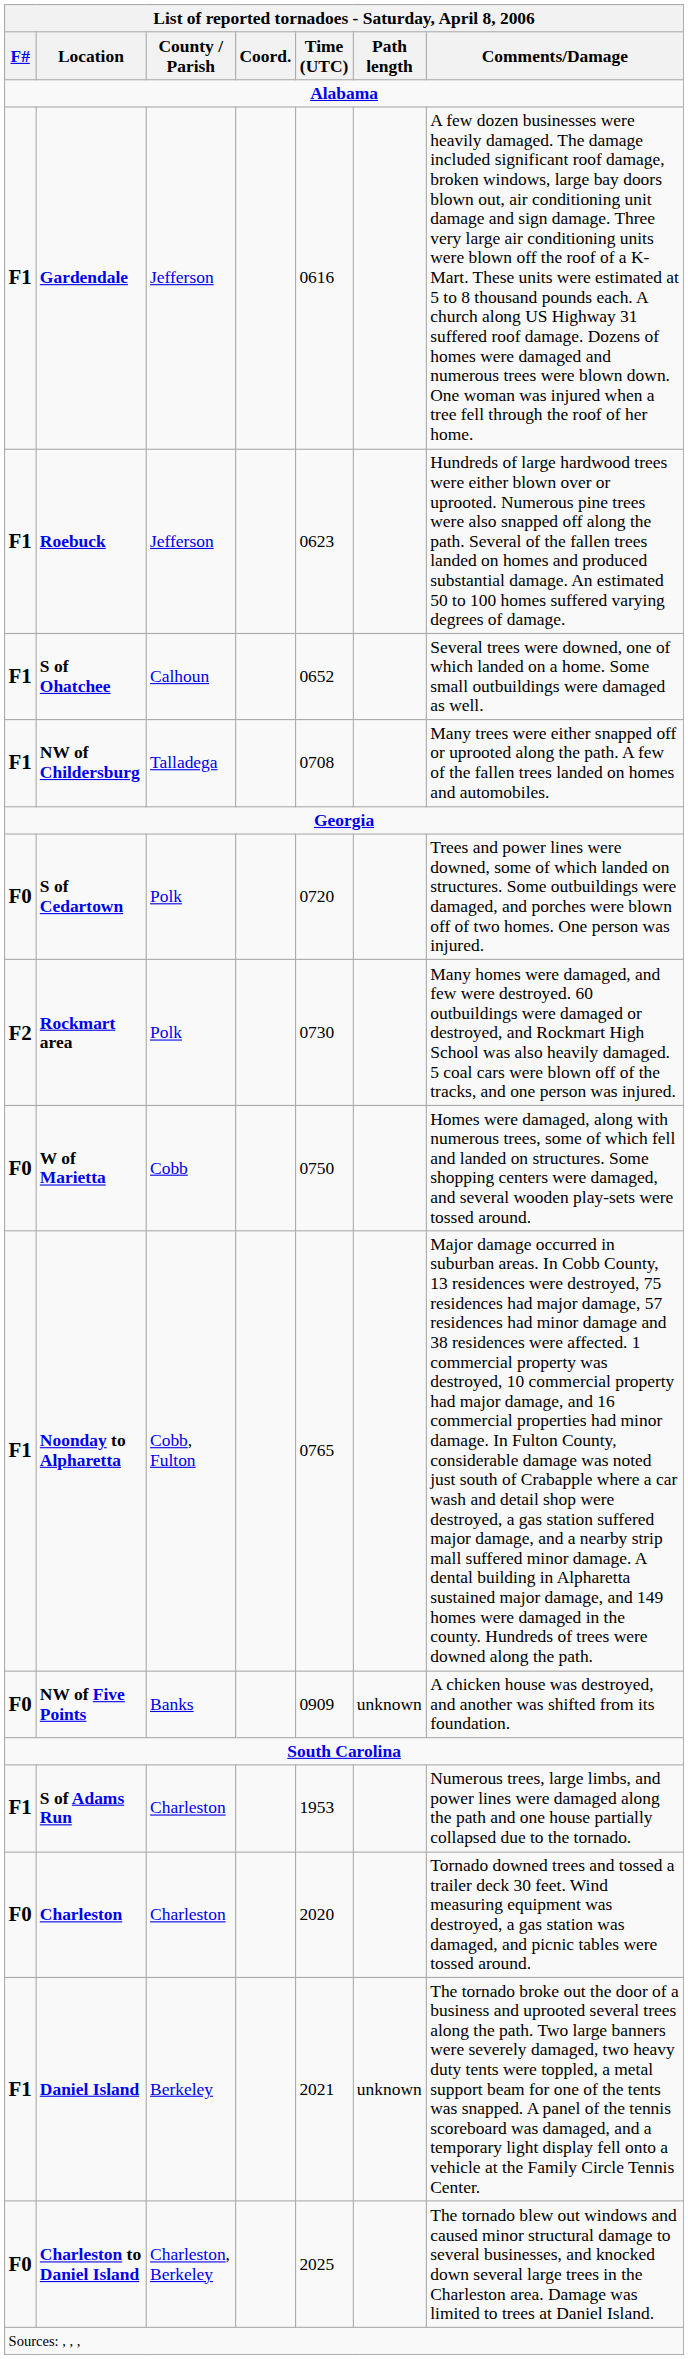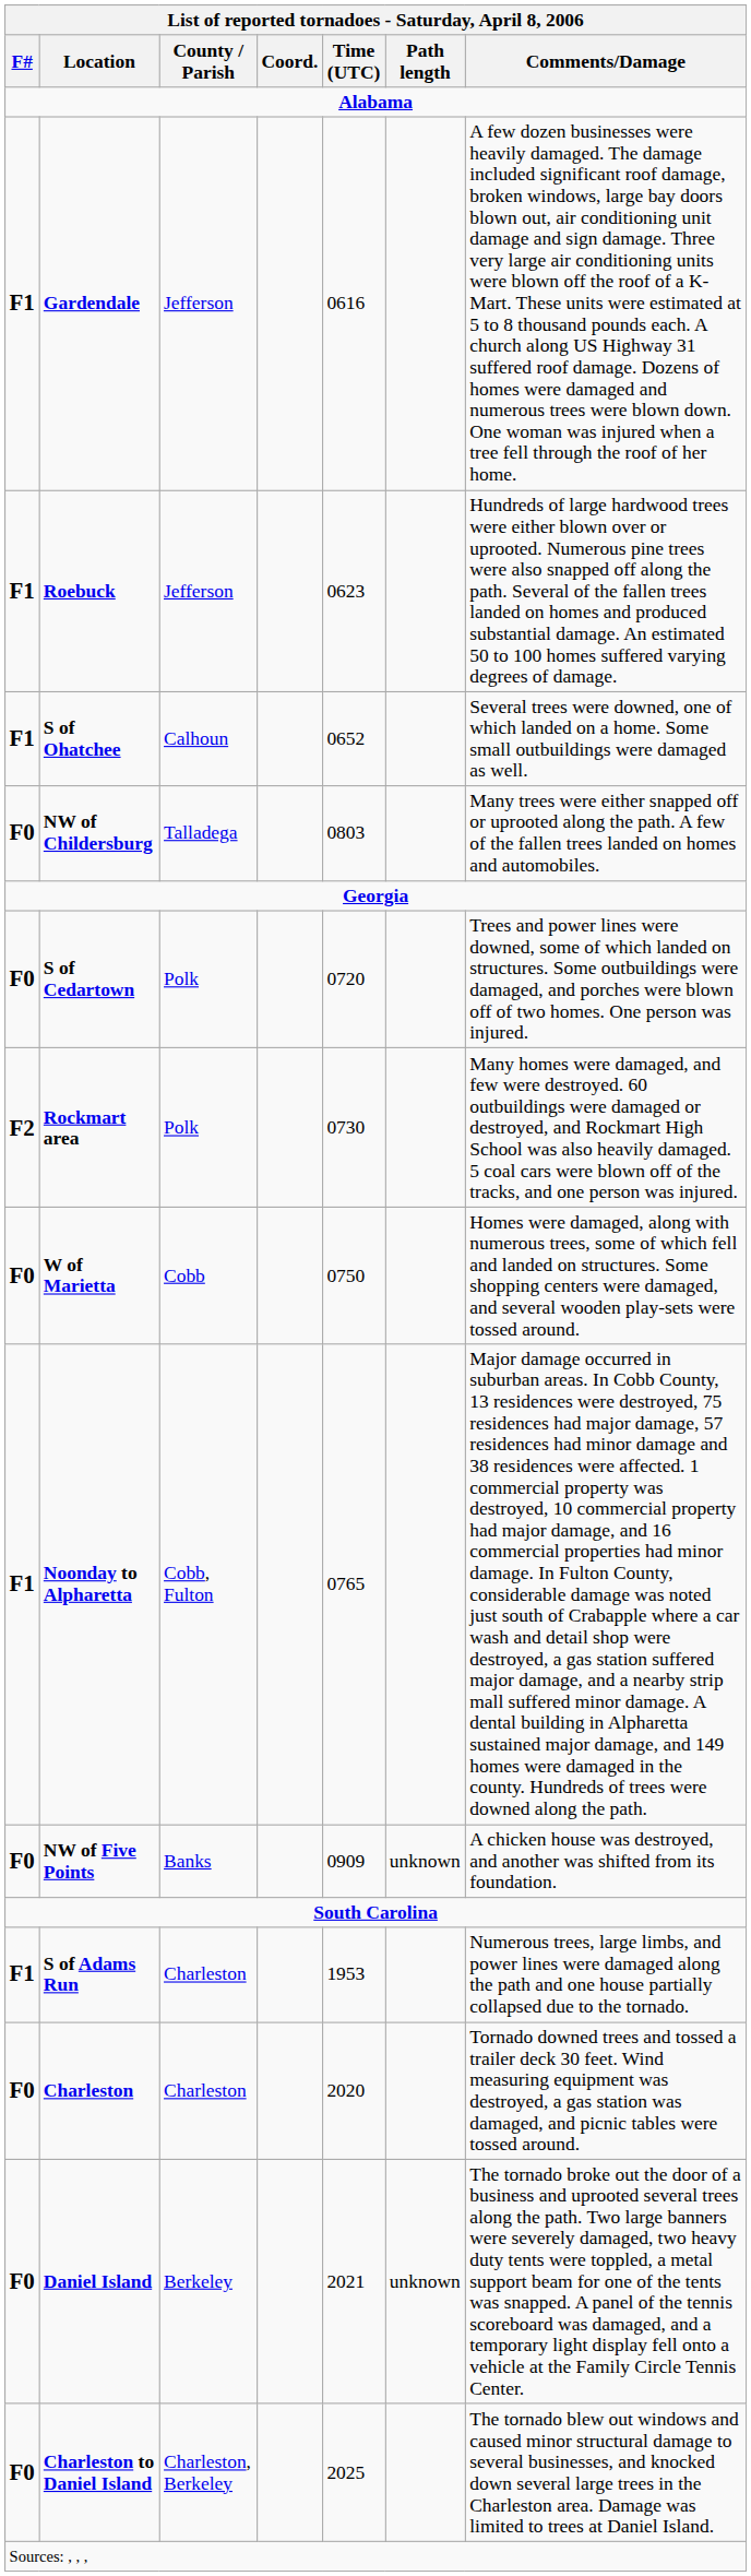 <table class="wikitable collapsible" style="width:100%;">
 <tr>
 <th colspan="7">List of reported tornadoes - Saturday, April 8, 2006</th>
 </tr>
 <tr>
 <th><a href='#'>F#</a></th>
 <th>Location</th>
 <th>County / Parish</th>
 <th>Coord.</th>
 <th>Time (UTC)</th>
 <th>Path length</th>
 <th>Comments/Damage</th>
 </tr>
 <tr>
 <td colspan="7" align=center><strong><a href='#'>Alabama</a></strong></td>
 </tr>
 <tr>
 <td><big><strong>F1</strong></big></td>
 <td><strong><a href='#'>Gardendale</a></strong></td>
 <td><a href='#'>Jefferson</a></td>
 <td></td>
 <td>0616</td>
 <td></td>
 <td>A few dozen businesses were heavily damaged. The damage included significant roof damage, broken windows, large bay doors blown out, air conditioning unit damage and sign damage. Three very large air conditioning units were blown off the roof of a K-Mart. These units were estimated at 5 to 8 thousand pounds each. A church along US Highway 31 suffered roof damage. Dozens of homes were damaged and numerous trees were blown down. One woman was injured when a tree fell through the roof of her home.</td>
 </tr>
 <tr>
 <td><big><strong>F1</strong></big></td>
 <td><strong><a href='#'>Roebuck</a></strong></td>
 <td><a href='#'>Jefferson</a></td>
 <td></td>
 <td>0623</td>
 <td></td>
 <td>Hundreds of large hardwood trees were either blown over or uprooted. Numerous pine trees were also snapped off along the path. Several of the fallen trees landed on homes and produced substantial damage. An estimated 50 to 100 homes suffered varying degrees of damage.</td>
 </tr>
 <tr>
 <td><big><strong>F1</strong></big></td>
 <td><strong>S of <a href='#'>Ohatchee</a></strong></td>
 <td><a href='#'>Calhoun</a></td>
 <td></td>
 <td>0652</td>
 <td></td>
 <td>Several trees were downed, one of which landed on a home. Some small outbuildings were damaged as well.</td>
 </tr>
 <tr>
-<td><big><strong>F1</strong></big></td>
+<td><big><strong>F0</strong></big></td>
 <td><strong>NW of <a href='#'>Childersburg</a></strong></td>
 <td><a href='#'>Talladega</a></td>
 <td></td>
-<td>0708</td>
+<td>0803</td>
 <td></td>
 <td>Many trees were either snapped off or uprooted along the path. A few of the fallen trees landed on homes and automobiles.</td>
 </tr>
 <tr>
 <td colspan="7" align=center><strong><a href='#'>Georgia</a></strong></td>
 </tr>
 <tr>
 <td><big><strong>F0</strong></big></td>
 <td><strong>S of <a href='#'>Cedartown</a></strong></td>
 <td><a href='#'>Polk</a></td>
 <td></td>
 <td>0720</td>
 <td></td>
 <td>Trees and power lines were downed, some of which landed on structures. Some outbuildings were damaged, and porches were blown off of two homes. One person was injured.</td>
 </tr>
 <tr>
 <td><big><strong>F2</strong></big></td>
 <td><strong><a href='#'>Rockmart</a> area</strong></td>
 <td><a href='#'>Polk</a></td>
 <td></td>
 <td>0730</td>
 <td></td>
 <td>Many homes were damaged, and few were destroyed. 60 outbuildings were damaged or destroyed, and Rockmart High School was also heavily damaged. 5 coal cars were blown off of the tracks, and one person was injured.</td>
 </tr>
 <tr>
 <td><big><strong>F0</strong></big></td>
 <td><strong>W of <a href='#'>Marietta</a></strong></td>
 <td><a href='#'>Cobb</a></td>
 <td></td>
 <td>0750</td>
 <td></td>
 <td>Homes were damaged, along with numerous trees, some of which fell and landed on structures. Some shopping centers were damaged, and several wooden play-sets were tossed around.</td>
 </tr>
 <tr>
 <td><big><strong>F1</strong></big></td>
 <td><strong><a href='#'>Noonday</a> to <a href='#'>Alpharetta</a></strong></td>
 <td><a href='#'>Cobb</a>, <a href='#'>Fulton</a></td>
 <td></td>
 <td>0765</td>
 <td></td>
 <td>Major damage occurred in suburban areas. In Cobb County, 13 residences were destroyed, 75 residences had major damage, 57 residences had minor damage and 38 residences were affected. 1 commercial property was destroyed, 10 commercial property had major damage, and 16 commercial properties had minor damage. In Fulton County, considerable damage was noted just south of Crabapple where a car wash and detail shop were destroyed, a gas station suffered major damage, and a nearby strip mall suffered minor damage. A dental building in Alpharetta sustained major damage, and 149 homes were damaged in the county. Hundreds of trees were downed along the path.</td>
 </tr>
 <tr>
 <td><big><strong>F0</strong></big></td>
 <td><strong>NW of <a href='#'>Five Points</a></strong></td>
 <td><a href='#'>Banks</a></td>
 <td></td>
 <td>0909</td>
 <td>unknown</td>
 <td>A chicken house was destroyed, and another was shifted from its foundation.</td>
 </tr>
 <tr>
 <td colspan="7" align=center><strong><a href='#'>South Carolina</a></strong></td>
 </tr>
 <tr>
 <td><big><strong>F1</strong></big></td>
 <td><strong>S of <a href='#'>Adams Run</a></strong></td>
 <td><a href='#'>Charleston</a></td>
 <td></td>
 <td>1953</td>
 <td></td>
 <td>Numerous trees, large limbs, and power lines were damaged along the path and one house partially collapsed due to the tornado.</td>
 </tr>
 <tr>
 <td><big><strong>F0</strong></big></td>
 <td><strong><a href='#'>Charleston</a></strong></td>
 <td><a href='#'>Charleston</a></td>
 <td></td>
 <td>2020</td>
 <td></td>
 <td>Tornado downed trees and tossed a trailer deck 30 feet. Wind measuring equipment was destroyed, a gas station was damaged, and picnic tables were tossed around.</td>
 </tr>
 <tr>
-<td><big><strong>F1</strong></big></td>
+<td><big><strong>F0</strong></big></td>
 <td><strong><a href='#'>Daniel Island</a></strong></td>
 <td><a href='#'>Berkeley</a></td>
 <td></td>
 <td>2021</td>
 <td>unknown</td>
 <td>The tornado broke out the door of a business and uprooted several trees along the path. Two large banners were severely damaged, two heavy duty tents were toppled, a metal support beam for one of the tents was snapped. A panel of the tennis scoreboard was damaged, and a temporary light display fell onto a vehicle at the Family Circle Tennis Center.</td>
 </tr>
 <tr>
 <td><big><strong>F0</strong></big></td>
 <td><strong><a href='#'>Charleston</a> to <a href='#'>Daniel Island</a></strong></td>
 <td><a href='#'>Charleston</a>, <a href='#'>Berkeley</a></td>
 <td></td>
 <td>2025</td>
 <td></td>
 <td>The tornado blew out windows and caused minor structural damage to several businesses, and knocked down several large trees in the Charleston area. Damage was limited to trees at Daniel Island.</td>
 </tr>
 <tr>
 <td colspan="7"><small>Sources: , , , </small></td>
 </tr>
 </table>
